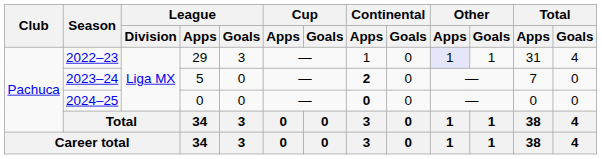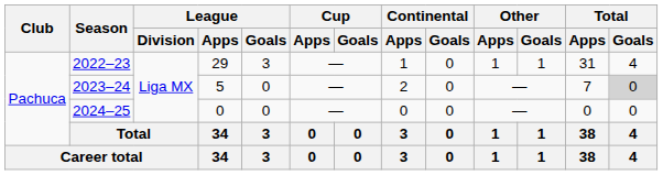 <table class="wikitable" style="text-align: center">
 <tr>
 <th rowspan="2">Club</th>
 <th rowspan="2">Season</th>
 <th colspan="3">League</th>
 <th colspan="2">Cup</th>
 <th colspan="2">Continental</th>
 <th colspan="2">Other</th>
 <th colspan="2">Total</th>
 </tr>
 <tr>
 <th>Division</th>
 <th>Apps</th>
 <th>Goals</th>
 <th>Apps</th>
 <th>Goals</th>
 <th>Apps</th>
 <th>Goals</th>
 <th>Apps</th>
 <th>Goals</th>
 <th>Apps</th>
 <th>Goals</th>
 </tr>
 <tr>
 <td rowspan="4"><a href='#'>Pachuca</a></td>
 <td><a href='#'>2022–23</a></td>
 <td rowspan="3"><a href='#'>Liga MX</a></td>
 <td>29</td>
 <td>3</td>
 <td colspan="2">—</td>
 <td>1</td>
 <td>0</td>
-<td style="background: lavender;">1</td>
+<td>1</td>
 <td>1</td>
 <td>31</td>
 <td>4</td>
 </tr>
 <tr>
 <td><a href='#'>2023–24</a></td>
 <td>5</td>
 <td>0</td>
 <td colspan="2">—</td>
-<td><strong>2</strong></td>
+<td>2</td>
 <td>0</td>
 <td colspan="2">—</td>
 <td>7</td>
-<td>0</td>
+<td style="background: lightgrey;">0</td>
 </tr>
 <tr>
 <td><a href='#'>2024–25</a></td>
 <td>0</td>
 <td>0</td>
 <td colspan="2">—</td>
-<td><strong>0</strong></td>
+<td>0</td>
 <td>0</td>
 <td colspan="2">—</td>
 <td>0</td>
 <td>0</td>
 </tr>
 <tr>
 <th colspan="2"><strong>Total</strong></th>
 <th>34</th>
 <th>3</th>
 <th>0</th>
 <th>0</th>
 <th>3</th>
 <th>0</th>
 <th>1</th>
 <th>1</th>
 <th>38</th>
 <th>4</th>
 </tr>
 <tr>
 <th colspan="3"><strong>Career total</strong></th>
 <th>34</th>
 <th>3</th>
 <th>0</th>
 <th>0</th>
 <th>3</th>
 <th>0</th>
 <th>1</th>
 <th>1</th>
 <th>38</th>
 <th>4</th>
 </tr>
 </table>
